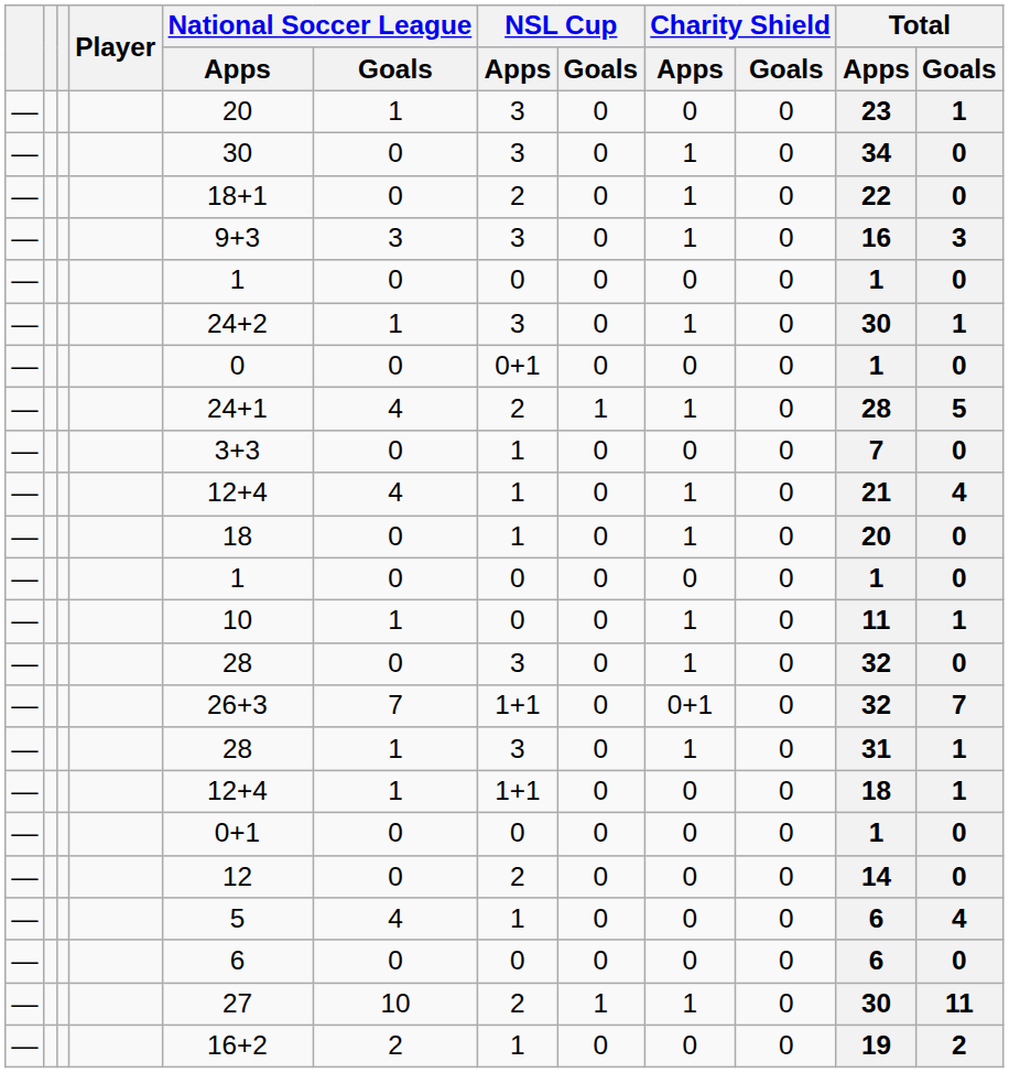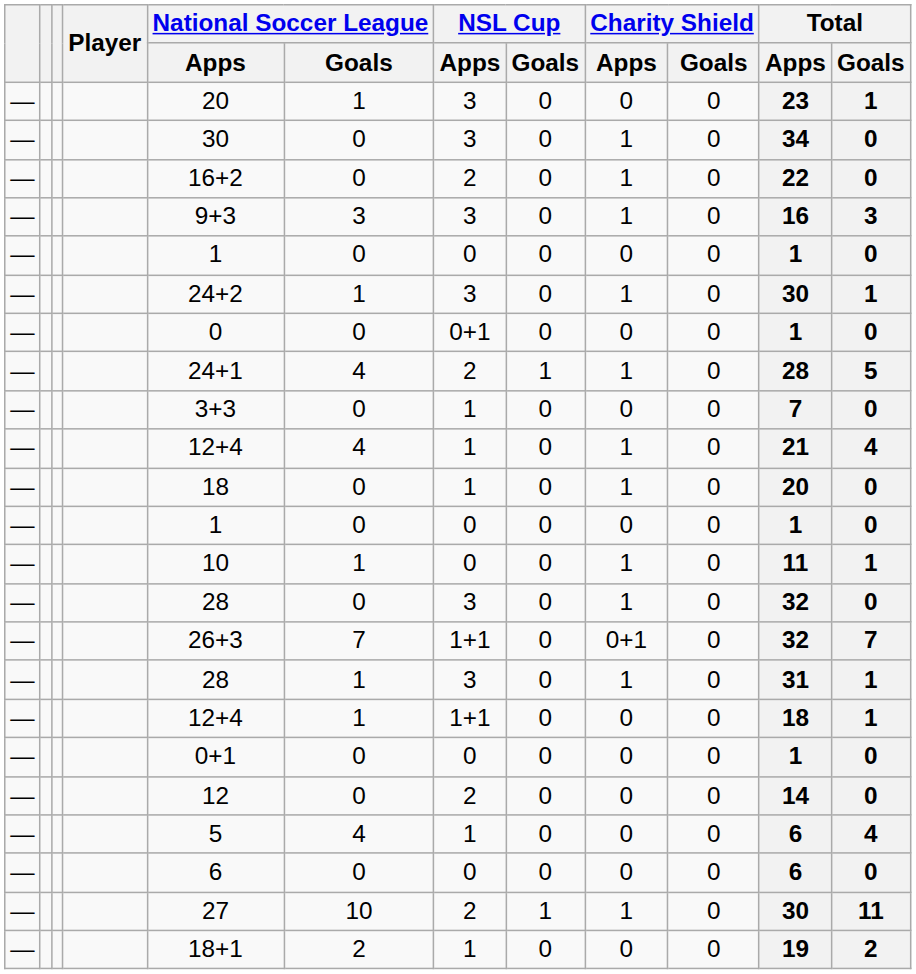 <table class="wikitable sortable" style="text-align:center">
 <tr>
 <th rowspan="2"></th>
 <th rowspan="2"></th>
 <th rowspan="2"></th>
 <th rowspan="2">Player</th>
 <th colspan="2"><a href='#'>National Soccer League</a></th>
 <th colspan="2"><a href='#'>NSL Cup</a></th>
 <th colspan="2"><a href='#'>Charity Shield</a></th>
 <th colspan="2">Total</th>
 </tr>
 <tr>
 <th>Apps</th>
 <th>Goals</th>
 <th>Apps</th>
 <th>Goals</th>
 <th>Apps</th>
 <th>Goals</th>
 <th>Apps</th>
 <th>Goals</th>
 </tr>
 <tr>
 <td>—</td>
 <td></td>
 <td></td>
 <td align="left"><br></td>
 <td>20</td>
 <td>1<br></td>
 <td>3</td>
 <td>0<br></td>
 <td>0</td>
 <td>0<br></td>
 <th>23</th>
 <th>1</th>
 </tr>
 <tr>
 <td>—</td>
 <td></td>
 <td></td>
 <td align="left"><br></td>
 <td>30</td>
 <td>0<br></td>
 <td>3</td>
 <td>0<br></td>
 <td>1</td>
 <td>0<br></td>
 <th>34</th>
 <th>0</th>
 </tr>
 <tr>
 <td>—</td>
 <td></td>
 <td></td>
 <td align="left"><br></td>
-<td>18+1</td>
+<td>16+2</td>
 <td>0<br></td>
 <td>2</td>
 <td>0<br></td>
 <td>1</td>
 <td>0<br></td>
 <th>22</th>
 <th>0</th>
 </tr>
 <tr>
 <td>—</td>
 <td></td>
 <td></td>
 <td align="left"><br></td>
 <td>9+3</td>
 <td>3<br></td>
 <td>3</td>
 <td>0<br></td>
 <td>1</td>
 <td>0<br></td>
 <th>16</th>
 <th>3</th>
 </tr>
 <tr>
 <td>—</td>
 <td></td>
 <td></td>
 <td align="left"><br></td>
 <td>1</td>
 <td>0<br></td>
 <td>0</td>
 <td>0<br></td>
 <td>0</td>
 <td>0<br></td>
 <th>1</th>
 <th>0</th>
 </tr>
 <tr>
 <td>—</td>
 <td></td>
 <td></td>
 <td align="left"><br></td>
 <td>24+2</td>
 <td>1<br></td>
 <td>3</td>
 <td>0<br></td>
 <td>1</td>
 <td>0<br></td>
 <th>30</th>
 <th>1</th>
 </tr>
 <tr>
 <td>—</td>
 <td></td>
 <td></td>
 <td align="left"><br></td>
 <td>0</td>
 <td>0<br></td>
 <td>0+1</td>
 <td>0<br></td>
 <td>0</td>
 <td>0<br></td>
 <th>1</th>
 <th>0</th>
 </tr>
 <tr>
 <td>—</td>
 <td></td>
 <td></td>
 <td align="left"><br></td>
 <td>24+1</td>
 <td>4<br></td>
 <td>2</td>
 <td>1<br></td>
 <td>1</td>
 <td>0<br></td>
 <th>28</th>
 <th>5</th>
 </tr>
 <tr>
 <td>—</td>
 <td></td>
 <td></td>
 <td align="left"><br></td>
 <td>3+3</td>
 <td>0<br></td>
 <td>1</td>
 <td>0<br></td>
 <td>0</td>
 <td>0<br></td>
 <th>7</th>
 <th>0</th>
 </tr>
 <tr>
 <td>—</td>
 <td></td>
 <td></td>
 <td align="left"><br></td>
 <td>12+4</td>
 <td>4<br></td>
 <td>1</td>
 <td>0<br></td>
 <td>1</td>
 <td>0<br></td>
 <th>21</th>
 <th>4</th>
 </tr>
 <tr>
 <td>—</td>
 <td></td>
 <td></td>
 <td align="left"><br></td>
 <td>18</td>
 <td>0<br></td>
 <td>1</td>
 <td>0<br></td>
 <td>1</td>
 <td>0<br></td>
 <th>20</th>
 <th>0</th>
 </tr>
 <tr>
 <td>—</td>
 <td></td>
 <td></td>
 <td align="left"><br></td>
 <td>1</td>
 <td>0<br></td>
 <td>0</td>
 <td>0<br></td>
 <td>0</td>
 <td>0<br></td>
 <th>1</th>
 <th>0</th>
 </tr>
 <tr>
 <td>—</td>
 <td></td>
 <td></td>
 <td align="left"><br></td>
 <td>10</td>
 <td>1<br></td>
 <td>0</td>
 <td>0<br></td>
 <td>1</td>
 <td>0<br></td>
 <th>11</th>
 <th>1</th>
 </tr>
 <tr>
 <td>—</td>
 <td></td>
 <td></td>
 <td align="left"><br></td>
 <td>28</td>
 <td>0<br></td>
 <td>3</td>
 <td>0<br></td>
 <td>1</td>
 <td>0<br></td>
 <th>32</th>
 <th>0</th>
 </tr>
 <tr>
 <td>—</td>
 <td></td>
 <td></td>
 <td align="left"><br></td>
 <td>26+3</td>
 <td>7<br></td>
 <td>1+1</td>
 <td>0<br></td>
 <td>0+1</td>
 <td>0<br></td>
 <th>32</th>
 <th>7</th>
 </tr>
 <tr>
 <td>—</td>
 <td></td>
 <td></td>
 <td align="left"><br></td>
 <td>28</td>
 <td>1<br></td>
 <td>3</td>
 <td>0<br></td>
 <td>1</td>
 <td>0<br></td>
 <th>31</th>
 <th>1</th>
 </tr>
 <tr>
 <td>—</td>
 <td></td>
 <td></td>
 <td align="left"><br></td>
 <td>12+4</td>
 <td>1<br></td>
 <td>1+1</td>
 <td>0<br></td>
 <td>0</td>
 <td>0<br></td>
 <th>18</th>
 <th>1</th>
 </tr>
 <tr>
 <td>—</td>
 <td></td>
 <td></td>
 <td align="left"><br></td>
 <td>0+1</td>
 <td>0<br></td>
 <td>0</td>
 <td>0<br></td>
 <td>0</td>
 <td>0<br></td>
 <th>1</th>
 <th>0</th>
 </tr>
 <tr>
 <td>—</td>
 <td></td>
 <td></td>
 <td align="left"><br></td>
 <td>12</td>
 <td>0<br></td>
 <td>2</td>
 <td>0<br></td>
 <td>0</td>
 <td>0<br></td>
 <th>14</th>
 <th>0</th>
 </tr>
 <tr>
 <td>—</td>
 <td></td>
 <td></td>
 <td align="left"><br></td>
 <td>5</td>
 <td>4<br></td>
 <td>1</td>
 <td>0<br></td>
 <td>0</td>
 <td>0<br></td>
 <th>6</th>
 <th>4</th>
 </tr>
 <tr>
 <td>—</td>
 <td></td>
 <td></td>
 <td align="left"><br></td>
 <td>6</td>
 <td>0<br></td>
 <td>0</td>
 <td>0<br></td>
 <td>0</td>
 <td>0<br></td>
 <th>6</th>
 <th>0</th>
 </tr>
 <tr>
 <td>—</td>
 <td></td>
 <td></td>
 <td align="left"><br></td>
 <td>27</td>
 <td>10<br></td>
 <td>2</td>
 <td>1<br></td>
 <td>1</td>
 <td>0<br></td>
 <th>30</th>
 <th>11</th>
 </tr>
 <tr>
 <td>—</td>
 <td></td>
 <td></td>
 <td align="left"><br></td>
-<td>16+2</td>
+<td>18+1</td>
 <td>2<br></td>
 <td>1</td>
 <td>0<br></td>
 <td>0</td>
 <td>0<br></td>
 <th>19</th>
 <th>2</th>
 </tr>
 </table>
